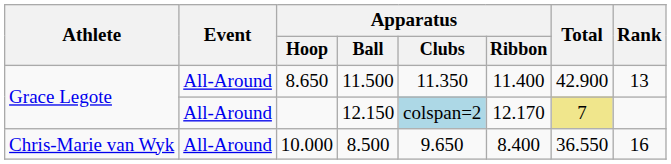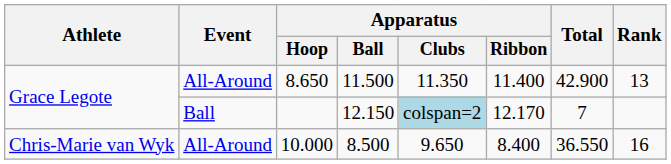 <table class=wikitable style="font-size:90%">
 <tr>
 <th rowspan=2>Athlete</th>
 <th rowspan=2>Event</th>
 <th colspan=4>Apparatus</th>
 <th rowspan=2>Total</th>
 <th rowspan=2>Rank</th>
 </tr>
 <tr style="font-size:95%;">
 <th>Hoop</th>
 <th>Ball</th>
 <th>Clubs</th>
 <th>Ribbon</th>
 </tr>
 <tr align=center>
 <td align=left rowspan=2><a href='#'>Grace Legote</a></td>
 <td align=left><a href='#'>All-Around</a></td>
 <td>8.650</td>
 <td>11.500</td>
 <td>11.350</td>
 <td>11.400</td>
 <td>42.900</td>
 <td>13</td>
 </tr>
 <tr align=center>
-<td align=left><a href='#'>All-Around</a></td>
+<td align=left><a href='#'>Ball</a></td>
 <td></td>
 <td>12.150</td>
 <td style="background: lightblue;">colspan=2</td>
 <td>12.170</td>
-<td style="background: khaki;">7</td>
+<td>7</td>
 </tr>
 <tr align=center>
 <td align=left><a href='#'>Chris-Marie van Wyk</a></td>
 <td align=left><a href='#'>All-Around</a></td>
 <td>10.000</td>
 <td>8.500</td>
 <td>9.650</td>
 <td>8.400</td>
 <td>36.550</td>
 <td>16</td>
 </tr>
 </table>
